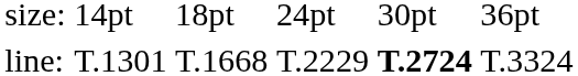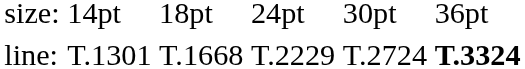 <table style="margin-left:40px;">
 <tr>
 <td>size:</td>
 <td>14pt</td>
 <td>18pt</td>
 <td>24pt</td>
 <td>30pt</td>
 <td>36pt</td>
 </tr>
 <tr>
 <td>line:</td>
 <td>T.1301</td>
 <td>T.1668</td>
 <td>T.2229</td>
-<td><strong>T.2724</strong></td>
-<td>T.3324</td>
+<td>T.2724</td>
+<td><strong>T.3324</strong></td>
 </tr>
 </table>
